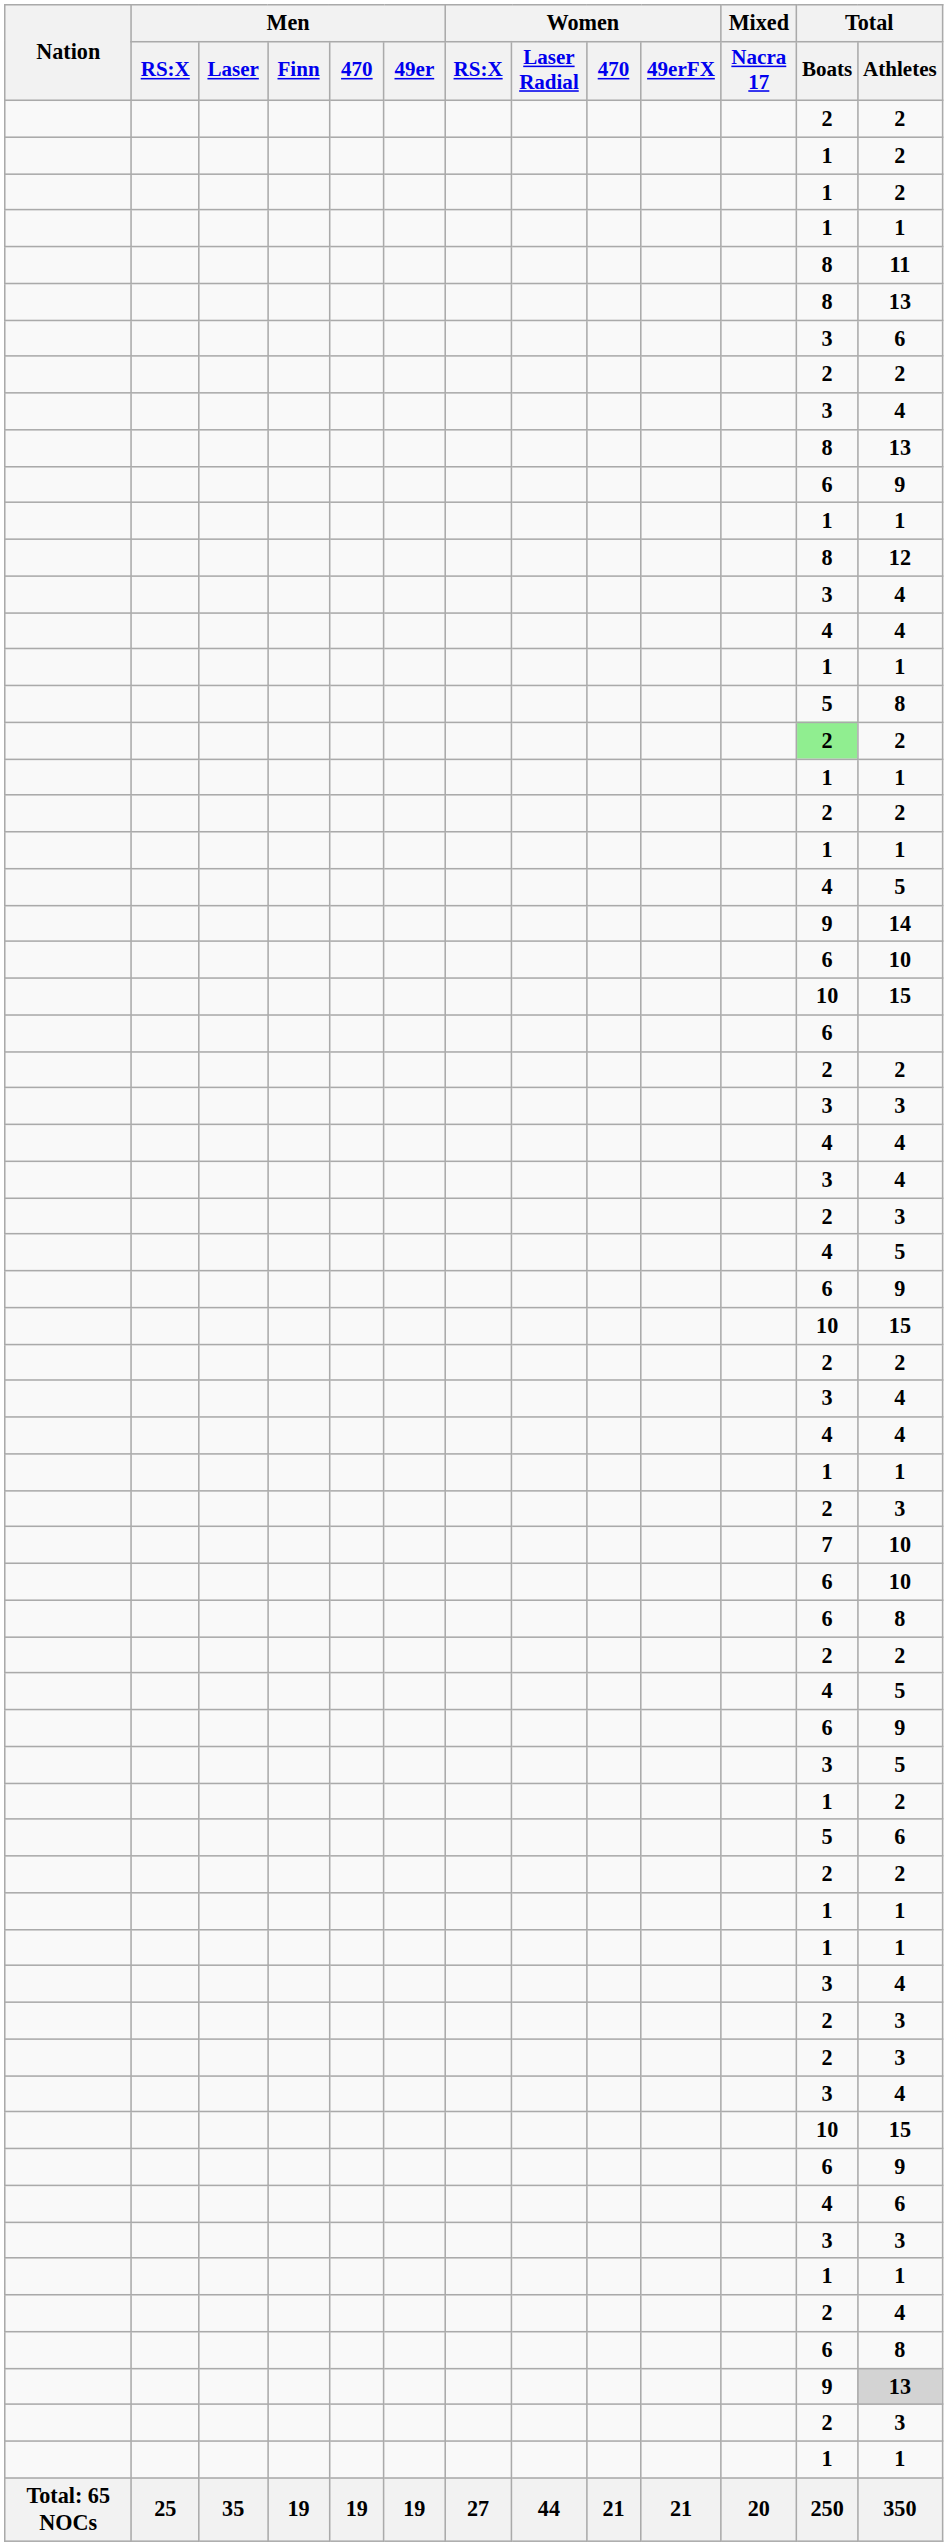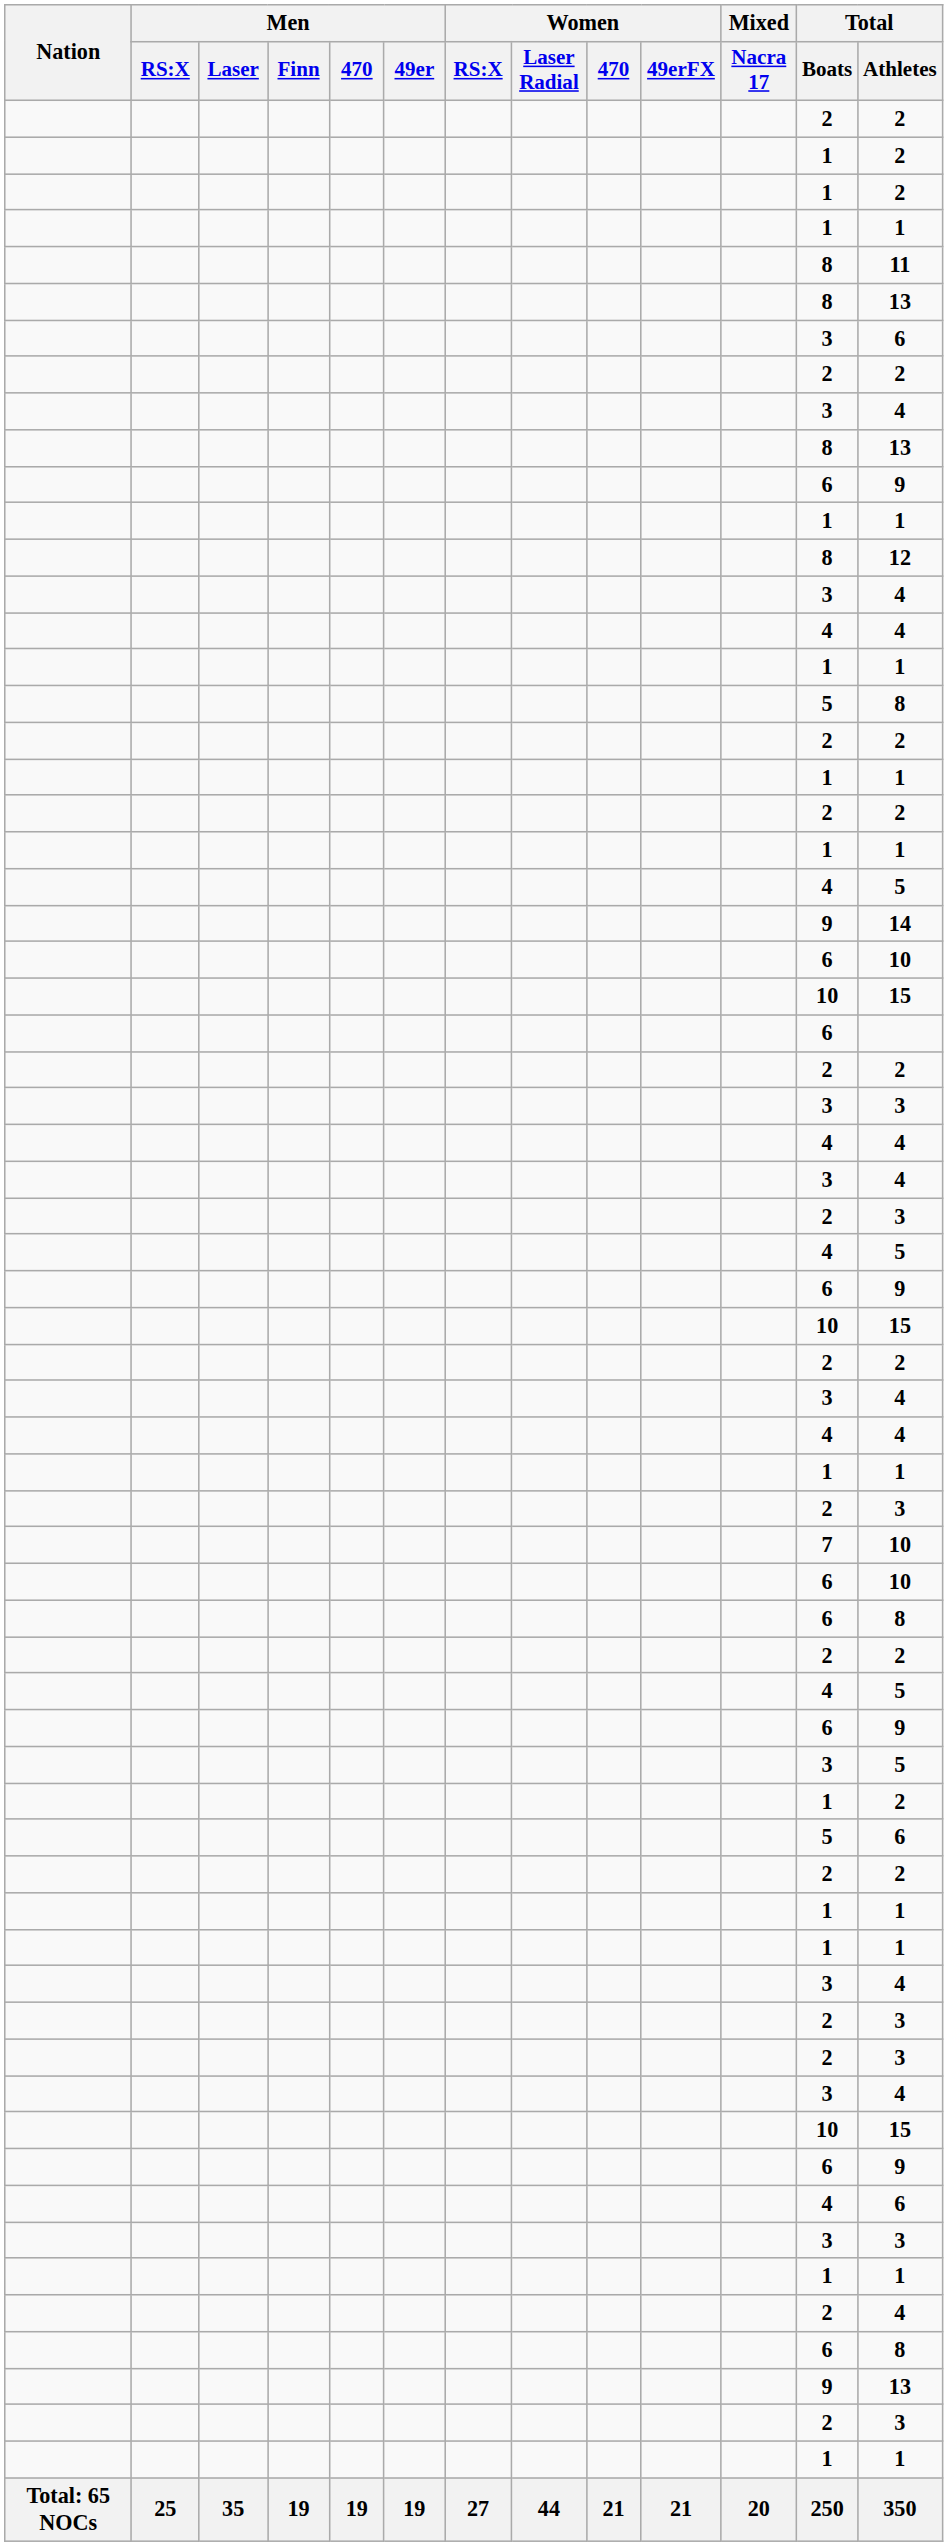 <table class="wikitable sortable" style="text-align:center; font-size:90%">
 <tr>
 <th rowspan="2" style="text-align:center;" width=160>Nation</th>
 <th colspan="5">Men</th>
 <th colspan="4">Women</th>
 <th>Mixed</th>
 <th colspan=2>Total</th>
 </tr>
 <tr style="font-size:95%">
 <th width=50><a href='#'>RS:X</a></th>
 <th width=50><a href='#'>Laser</a></th>
 <th width=50><a href='#'>Finn</a></th>
 <th width=50><a href='#'>470</a></th>
 <th width=50><a href='#'>49er</a></th>
 <th width=50><a href='#'>RS:X</a></th>
 <th width=50><a href='#'>Laser Radial</a></th>
 <th width=50><a href='#'>470</a></th>
 <th width=50><a href='#'>49erFX</a></th>
 <th width=50><a href='#'>Nacra 17</a></th>
 <th width=35>Boats</th>
 <th width=49>Athletes</th>
 </tr>
 <tr>
 <td style="text-align:left;"></td>
 <td></td>
 <td></td>
 <td></td>
 <td></td>
 <td></td>
 <td></td>
 <td></td>
 <td></td>
 <td></td>
 <td></td>
 <td><strong>2</strong></td>
 <td><strong>2</strong></td>
 </tr>
 <tr>
 <td style="text-align:left;"></td>
 <td></td>
 <td></td>
 <td></td>
 <td></td>
 <td></td>
 <td></td>
 <td></td>
 <td></td>
 <td></td>
 <td></td>
 <td><strong>1</strong></td>
 <td><strong>2</strong></td>
 </tr>
 <tr>
 <td style="text-align:left;"></td>
 <td></td>
 <td></td>
 <td></td>
 <td></td>
 <td></td>
 <td></td>
 <td></td>
 <td></td>
 <td></td>
 <td></td>
 <td><strong>1</strong></td>
 <td><strong>2</strong></td>
 </tr>
 <tr>
 <td style="text-align:left;"></td>
 <td></td>
 <td></td>
 <td></td>
 <td></td>
 <td></td>
 <td></td>
 <td></td>
 <td></td>
 <td></td>
 <td></td>
 <td><strong>1</strong></td>
 <td><strong>1</strong></td>
 </tr>
 <tr>
 <td style="text-align:left;"></td>
 <td></td>
 <td></td>
 <td></td>
 <td></td>
 <td></td>
 <td></td>
 <td></td>
 <td></td>
 <td></td>
 <td></td>
 <td><strong>8</strong></td>
 <td><strong>11</strong></td>
 </tr>
 <tr>
 <td style="text-align:left;"></td>
 <td></td>
 <td></td>
 <td></td>
 <td></td>
 <td></td>
 <td></td>
 <td></td>
 <td></td>
 <td></td>
 <td></td>
 <td><strong>8</strong></td>
 <td><strong>13</strong></td>
 </tr>
 <tr>
 <td style="text-align:left;"></td>
 <td></td>
 <td></td>
 <td></td>
 <td></td>
 <td></td>
 <td></td>
 <td></td>
 <td></td>
 <td></td>
 <td></td>
 <td><strong>3</strong></td>
 <td><strong>6</strong></td>
 </tr>
 <tr>
 <td style="text-align:left;"></td>
 <td></td>
 <td></td>
 <td></td>
 <td></td>
 <td></td>
 <td></td>
 <td></td>
 <td></td>
 <td></td>
 <td></td>
 <td><strong>2</strong></td>
 <td><strong>2</strong></td>
 </tr>
 <tr>
 <td style="text-align:left;"></td>
 <td></td>
 <td></td>
 <td></td>
 <td></td>
 <td></td>
 <td></td>
 <td></td>
 <td></td>
 <td></td>
 <td></td>
 <td><strong>3</strong></td>
 <td><strong>4</strong></td>
 </tr>
 <tr>
 <td style="text-align:left;"></td>
 <td></td>
 <td></td>
 <td></td>
 <td></td>
 <td></td>
 <td></td>
 <td></td>
 <td></td>
 <td></td>
 <td></td>
 <td><strong>8</strong></td>
 <td><strong>13</strong></td>
 </tr>
 <tr>
 <td style="text-align:left;"></td>
 <td></td>
 <td></td>
 <td></td>
 <td></td>
 <td></td>
 <td></td>
 <td></td>
 <td></td>
 <td></td>
 <td></td>
 <td><strong>6</strong></td>
 <td><strong>9</strong></td>
 </tr>
 <tr>
 <td style="text-align:left;"></td>
 <td></td>
 <td></td>
 <td></td>
 <td></td>
 <td></td>
 <td></td>
 <td></td>
 <td></td>
 <td></td>
 <td></td>
 <td><strong>1</strong></td>
 <td><strong>1</strong></td>
 </tr>
 <tr>
 <td style="text-align:left;"></td>
 <td></td>
 <td></td>
 <td></td>
 <td></td>
 <td></td>
 <td></td>
 <td></td>
 <td></td>
 <td></td>
 <td></td>
 <td><strong>8</strong></td>
 <td><strong>12</strong></td>
 </tr>
 <tr>
 <td style="text-align:left;"></td>
 <td></td>
 <td></td>
 <td></td>
 <td></td>
 <td></td>
 <td></td>
 <td></td>
 <td></td>
 <td></td>
 <td></td>
 <td><strong>3</strong></td>
 <td><strong>4</strong></td>
 </tr>
 <tr>
 <td style="text-align:left;"></td>
 <td></td>
 <td></td>
 <td></td>
 <td></td>
 <td></td>
 <td></td>
 <td></td>
 <td></td>
 <td></td>
 <td></td>
 <td><strong>4</strong></td>
 <td><strong>4</strong></td>
 </tr>
 <tr>
 <td style="text-align:left;"></td>
 <td></td>
 <td></td>
 <td></td>
 <td></td>
 <td></td>
 <td></td>
 <td></td>
 <td></td>
 <td></td>
 <td></td>
 <td><strong>1</strong></td>
 <td><strong>1</strong></td>
 </tr>
 <tr>
 <td style="text-align:left;"></td>
 <td></td>
 <td></td>
 <td></td>
 <td></td>
 <td></td>
 <td></td>
 <td></td>
 <td></td>
 <td></td>
 <td></td>
 <td><strong>5</strong></td>
 <td><strong>8</strong></td>
 </tr>
 <tr>
 <td style="text-align:left;"></td>
 <td></td>
 <td></td>
 <td></td>
 <td></td>
 <td></td>
 <td></td>
 <td></td>
 <td></td>
 <td></td>
 <td></td>
-<td style="background: lightgreen;"><strong>2</strong></td>
+<td><strong>2</strong></td>
 <td><strong>2</strong></td>
 </tr>
 <tr>
 <td style="text-align:left;"></td>
 <td></td>
 <td></td>
 <td></td>
 <td></td>
 <td></td>
 <td></td>
 <td></td>
 <td></td>
 <td></td>
 <td></td>
 <td><strong>1</strong></td>
 <td><strong>1</strong></td>
 </tr>
 <tr>
 <td style="text-align:left;"></td>
 <td></td>
 <td></td>
 <td></td>
 <td></td>
 <td></td>
 <td></td>
 <td></td>
 <td></td>
 <td></td>
 <td></td>
 <td><strong>2</strong></td>
 <td><strong>2</strong></td>
 </tr>
 <tr>
 <td style="text-align:left;"></td>
 <td></td>
 <td></td>
 <td></td>
 <td></td>
 <td></td>
 <td></td>
 <td></td>
 <td></td>
 <td></td>
 <td></td>
 <td><strong>1</strong></td>
 <td><strong>1</strong></td>
 </tr>
 <tr>
 <td style="text-align:left;"></td>
 <td></td>
 <td></td>
 <td></td>
 <td></td>
 <td></td>
 <td></td>
 <td></td>
 <td></td>
 <td></td>
 <td></td>
 <td><strong>4</strong></td>
 <td><strong>5</strong></td>
 </tr>
 <tr>
 <td style="text-align:left;"></td>
 <td></td>
 <td></td>
 <td></td>
 <td></td>
 <td></td>
 <td></td>
 <td></td>
 <td></td>
 <td></td>
 <td></td>
 <td><strong>9</strong></td>
 <td><strong>14</strong></td>
 </tr>
 <tr>
 <td style="text-align:left;"></td>
 <td></td>
 <td></td>
 <td></td>
 <td></td>
 <td></td>
 <td></td>
 <td></td>
 <td></td>
 <td></td>
 <td></td>
 <td><strong>6</strong></td>
 <td><strong>10</strong></td>
 </tr>
 <tr>
 <td style="text-align:left;"></td>
 <td></td>
 <td></td>
 <td></td>
 <td></td>
 <td></td>
 <td></td>
 <td></td>
 <td></td>
 <td></td>
 <td></td>
 <td><strong>10</strong></td>
 <td><strong>15</strong></td>
 </tr>
 <tr>
 <td style="text-align:left;"></td>
 <td></td>
 <td></td>
 <td></td>
 <td></td>
 <td></td>
 <td></td>
 <td></td>
 <td></td>
 <td></td>
 <td></td>
 <td><strong>6</strong></td>
 </tr>
 <tr>
 <td style="text-align:left;"></td>
 <td></td>
 <td></td>
 <td></td>
 <td></td>
 <td></td>
 <td></td>
 <td></td>
 <td></td>
 <td></td>
 <td></td>
 <td><strong>2</strong></td>
 <td><strong>2</strong></td>
 </tr>
 <tr>
 <td style="text-align:left;"></td>
 <td></td>
 <td></td>
 <td></td>
 <td></td>
 <td></td>
 <td></td>
 <td></td>
 <td></td>
 <td></td>
 <td></td>
 <td><strong>3</strong></td>
 <td><strong>3</strong></td>
 </tr>
 <tr>
 <td style="text-align:left;"></td>
 <td></td>
 <td></td>
 <td></td>
 <td></td>
 <td></td>
 <td></td>
 <td></td>
 <td></td>
 <td></td>
 <td></td>
 <td><strong>4</strong></td>
 <td><strong>4</strong></td>
 </tr>
 <tr>
 <td style="text-align:left;"></td>
 <td></td>
 <td></td>
 <td></td>
 <td></td>
 <td></td>
 <td></td>
 <td></td>
 <td></td>
 <td></td>
 <td></td>
 <td><strong>3</strong></td>
 <td><strong>4</strong></td>
 </tr>
 <tr>
 <td style="text-align:left;"></td>
 <td></td>
 <td></td>
 <td></td>
 <td></td>
 <td></td>
 <td></td>
 <td></td>
 <td></td>
 <td></td>
 <td></td>
 <td><strong>2</strong></td>
 <td><strong>3</strong></td>
 </tr>
 <tr>
 <td style="text-align:left;"></td>
 <td></td>
 <td></td>
 <td></td>
 <td></td>
 <td></td>
 <td></td>
 <td></td>
 <td></td>
 <td></td>
 <td></td>
 <td><strong>4</strong></td>
 <td><strong>5</strong></td>
 </tr>
 <tr>
 <td style="text-align:left;"></td>
 <td></td>
 <td></td>
 <td></td>
 <td></td>
 <td></td>
 <td></td>
 <td></td>
 <td></td>
 <td></td>
 <td></td>
 <td><strong>6</strong></td>
 <td><strong>9</strong></td>
 </tr>
 <tr>
 <td style="text-align:left;"></td>
 <td></td>
 <td></td>
 <td></td>
 <td></td>
 <td></td>
 <td></td>
 <td></td>
 <td></td>
 <td></td>
 <td></td>
 <td><strong>10</strong></td>
 <td><strong>15</strong></td>
 </tr>
 <tr>
 <td style="text-align:left;"></td>
 <td></td>
 <td></td>
 <td></td>
 <td></td>
 <td></td>
 <td></td>
 <td></td>
 <td></td>
 <td></td>
 <td></td>
 <td><strong>2</strong></td>
 <td><strong>2</strong></td>
 </tr>
 <tr>
 <td style="text-align:left;"></td>
 <td></td>
 <td></td>
 <td></td>
 <td></td>
 <td></td>
 <td></td>
 <td></td>
 <td></td>
 <td></td>
 <td></td>
 <td><strong>3</strong></td>
 <td><strong>4</strong></td>
 </tr>
 <tr>
 <td style="text-align:left;"></td>
 <td></td>
 <td></td>
 <td></td>
 <td></td>
 <td></td>
 <td></td>
 <td></td>
 <td></td>
 <td></td>
 <td></td>
 <td><strong>4</strong></td>
 <td><strong>4</strong></td>
 </tr>
 <tr>
 <td style="text-align:left;"></td>
 <td></td>
 <td></td>
 <td></td>
 <td></td>
 <td></td>
 <td></td>
 <td></td>
 <td></td>
 <td></td>
 <td></td>
 <td><strong>1</strong></td>
 <td><strong>1</strong></td>
 </tr>
 <tr>
 <td style="text-align:left;"></td>
 <td></td>
 <td></td>
 <td></td>
 <td></td>
 <td></td>
 <td></td>
 <td></td>
 <td></td>
 <td></td>
 <td></td>
 <td><strong>2</strong></td>
 <td><strong>3</strong></td>
 </tr>
 <tr>
 <td style="text-align:left;"></td>
 <td></td>
 <td></td>
 <td></td>
 <td></td>
 <td></td>
 <td></td>
 <td></td>
 <td></td>
 <td></td>
 <td></td>
 <td><strong>7</strong></td>
 <td><strong>10</strong></td>
 </tr>
 <tr>
 <td style="text-align:left;"></td>
 <td></td>
 <td></td>
 <td></td>
 <td></td>
 <td></td>
 <td></td>
 <td></td>
 <td></td>
 <td></td>
 <td></td>
 <td><strong>6</strong></td>
 <td><strong>10</strong></td>
 </tr>
 <tr>
 <td style="text-align:left;"></td>
 <td></td>
 <td></td>
 <td></td>
 <td></td>
 <td></td>
 <td></td>
 <td></td>
 <td></td>
 <td></td>
 <td></td>
 <td><strong>6</strong></td>
 <td><strong>8</strong></td>
 </tr>
 <tr>
 <td style="text-align:left;"></td>
 <td></td>
 <td></td>
 <td></td>
 <td></td>
 <td></td>
 <td></td>
 <td></td>
 <td></td>
 <td></td>
 <td></td>
 <td><strong>2</strong></td>
 <td><strong>2</strong></td>
 </tr>
 <tr>
 <td style="text-align:left;"></td>
 <td></td>
 <td></td>
 <td></td>
 <td></td>
 <td></td>
 <td></td>
 <td></td>
 <td></td>
 <td></td>
 <td></td>
 <td><strong>4</strong></td>
 <td><strong>5</strong></td>
 </tr>
 <tr>
 <td style="text-align:left;"></td>
 <td></td>
 <td></td>
 <td></td>
 <td></td>
 <td></td>
 <td></td>
 <td></td>
 <td></td>
 <td></td>
 <td></td>
 <td><strong>6</strong></td>
 <td><strong>9</strong></td>
 </tr>
 <tr>
 <td style="text-align:left;"></td>
 <td></td>
 <td></td>
 <td></td>
 <td></td>
 <td></td>
 <td></td>
 <td></td>
 <td></td>
 <td></td>
 <td></td>
 <td><strong>3</strong></td>
 <td><strong>5</strong></td>
 </tr>
 <tr>
 <td style="text-align:left;"></td>
 <td></td>
 <td></td>
 <td></td>
 <td></td>
 <td></td>
 <td></td>
 <td></td>
 <td></td>
 <td></td>
 <td></td>
 <td><strong>1</strong></td>
 <td><strong>2</strong></td>
 </tr>
 <tr>
 <td style="text-align:left;"></td>
 <td></td>
 <td></td>
 <td></td>
 <td></td>
 <td></td>
 <td></td>
 <td></td>
 <td></td>
 <td></td>
 <td></td>
 <td><strong>5</strong></td>
 <td><strong>6</strong></td>
 </tr>
 <tr>
 <td style="text-align:left;"></td>
 <td></td>
 <td></td>
 <td></td>
 <td></td>
 <td></td>
 <td></td>
 <td></td>
 <td></td>
 <td></td>
 <td></td>
 <td><strong>2</strong></td>
 <td><strong>2</strong></td>
 </tr>
 <tr>
 <td style="text-align:left;"></td>
 <td></td>
 <td></td>
 <td></td>
 <td></td>
 <td></td>
 <td></td>
 <td></td>
 <td></td>
 <td></td>
 <td></td>
 <td><strong>1</strong></td>
 <td><strong>1</strong></td>
 </tr>
 <tr>
 <td style="text-align:left;"></td>
 <td></td>
 <td></td>
 <td></td>
 <td></td>
 <td></td>
 <td></td>
 <td></td>
 <td></td>
 <td></td>
 <td></td>
 <td><strong>1</strong></td>
 <td><strong>1</strong></td>
 </tr>
 <tr>
 <td style="text-align:left;"></td>
 <td></td>
 <td></td>
 <td></td>
 <td></td>
 <td></td>
 <td></td>
 <td></td>
 <td></td>
 <td></td>
 <td></td>
 <td><strong>3</strong></td>
 <td><strong>4</strong></td>
 </tr>
 <tr>
 <td style="text-align:left;"></td>
 <td></td>
 <td></td>
 <td></td>
 <td></td>
 <td></td>
 <td></td>
 <td></td>
 <td></td>
 <td></td>
 <td></td>
 <td><strong>2</strong></td>
 <td><strong>3</strong></td>
 </tr>
 <tr>
 <td style="text-align:left;"></td>
 <td></td>
 <td></td>
 <td></td>
 <td></td>
 <td></td>
 <td></td>
 <td></td>
 <td></td>
 <td></td>
 <td></td>
 <td><strong>2</strong></td>
 <td><strong>3</strong></td>
 </tr>
 <tr>
 <td style="text-align:left;"></td>
 <td></td>
 <td></td>
 <td></td>
 <td></td>
 <td></td>
 <td></td>
 <td></td>
 <td></td>
 <td></td>
 <td></td>
 <td><strong>3</strong></td>
 <td><strong>4</strong></td>
 </tr>
 <tr>
 <td style="text-align:left;"></td>
 <td></td>
 <td></td>
 <td></td>
 <td></td>
 <td></td>
 <td></td>
 <td></td>
 <td></td>
 <td></td>
 <td></td>
 <td><strong>10</strong></td>
 <td><strong>15</strong></td>
 </tr>
 <tr>
 <td style="text-align:left;"></td>
 <td></td>
 <td></td>
 <td></td>
 <td></td>
 <td></td>
 <td></td>
 <td></td>
 <td></td>
 <td></td>
 <td></td>
 <td><strong>6</strong></td>
 <td><strong>9</strong></td>
 </tr>
 <tr>
 <td style="text-align:left;"></td>
 <td></td>
 <td></td>
 <td></td>
 <td></td>
 <td></td>
 <td></td>
 <td></td>
 <td></td>
 <td></td>
 <td></td>
 <td><strong>4</strong></td>
 <td><strong>6</strong></td>
 </tr>
 <tr>
 <td style="text-align:left;"></td>
 <td></td>
 <td></td>
 <td></td>
 <td></td>
 <td></td>
 <td></td>
 <td></td>
 <td></td>
 <td></td>
 <td></td>
 <td><strong>3 </strong></td>
 <td><strong>3</strong></td>
 </tr>
 <tr>
 <td style="text-align:left;"></td>
 <td></td>
 <td></td>
 <td></td>
 <td></td>
 <td></td>
 <td></td>
 <td></td>
 <td></td>
 <td></td>
 <td></td>
 <td><strong>1</strong></td>
 <td><strong>1</strong></td>
 </tr>
 <tr>
 <td style="text-align:left;"></td>
 <td></td>
 <td></td>
 <td></td>
 <td></td>
 <td></td>
 <td></td>
 <td></td>
 <td></td>
 <td></td>
 <td></td>
 <td><strong>2</strong></td>
 <td><strong>4</strong></td>
 </tr>
 <tr>
 <td style="text-align:left;"></td>
 <td></td>
 <td></td>
 <td></td>
 <td></td>
 <td></td>
 <td></td>
 <td></td>
 <td></td>
 <td></td>
 <td></td>
 <td><strong>6</strong></td>
 <td><strong>8</strong></td>
 </tr>
 <tr>
 <td style="text-align:left;"></td>
 <td></td>
 <td></td>
 <td></td>
 <td></td>
 <td></td>
 <td></td>
 <td></td>
 <td></td>
 <td></td>
 <td></td>
 <td><strong>9</strong></td>
-<td style="background: lightgrey;"><strong>13</strong></td>
+<td><strong>13</strong></td>
 </tr>
 <tr>
 <td style="text-align:left;"></td>
 <td></td>
 <td></td>
 <td></td>
 <td></td>
 <td></td>
 <td></td>
 <td></td>
 <td></td>
 <td></td>
 <td></td>
 <td><strong>2</strong></td>
 <td><strong>3</strong></td>
 </tr>
 <tr>
 <td style="text-align:left;"></td>
 <td></td>
 <td></td>
 <td></td>
 <td></td>
 <td></td>
 <td></td>
 <td></td>
 <td></td>
 <td></td>
 <td></td>
 <td><strong>1</strong></td>
 <td><strong>1</strong></td>
 </tr>
 <tr>
 <th>Total: 65 NOCs</th>
 <th>25</th>
 <th>35</th>
 <th>19</th>
 <th>19</th>
 <th>19</th>
 <th>27</th>
 <th>44</th>
 <th>21</th>
 <th>21</th>
 <th>20</th>
 <th>250</th>
 <th>350</th>
 </tr>
 </table>
